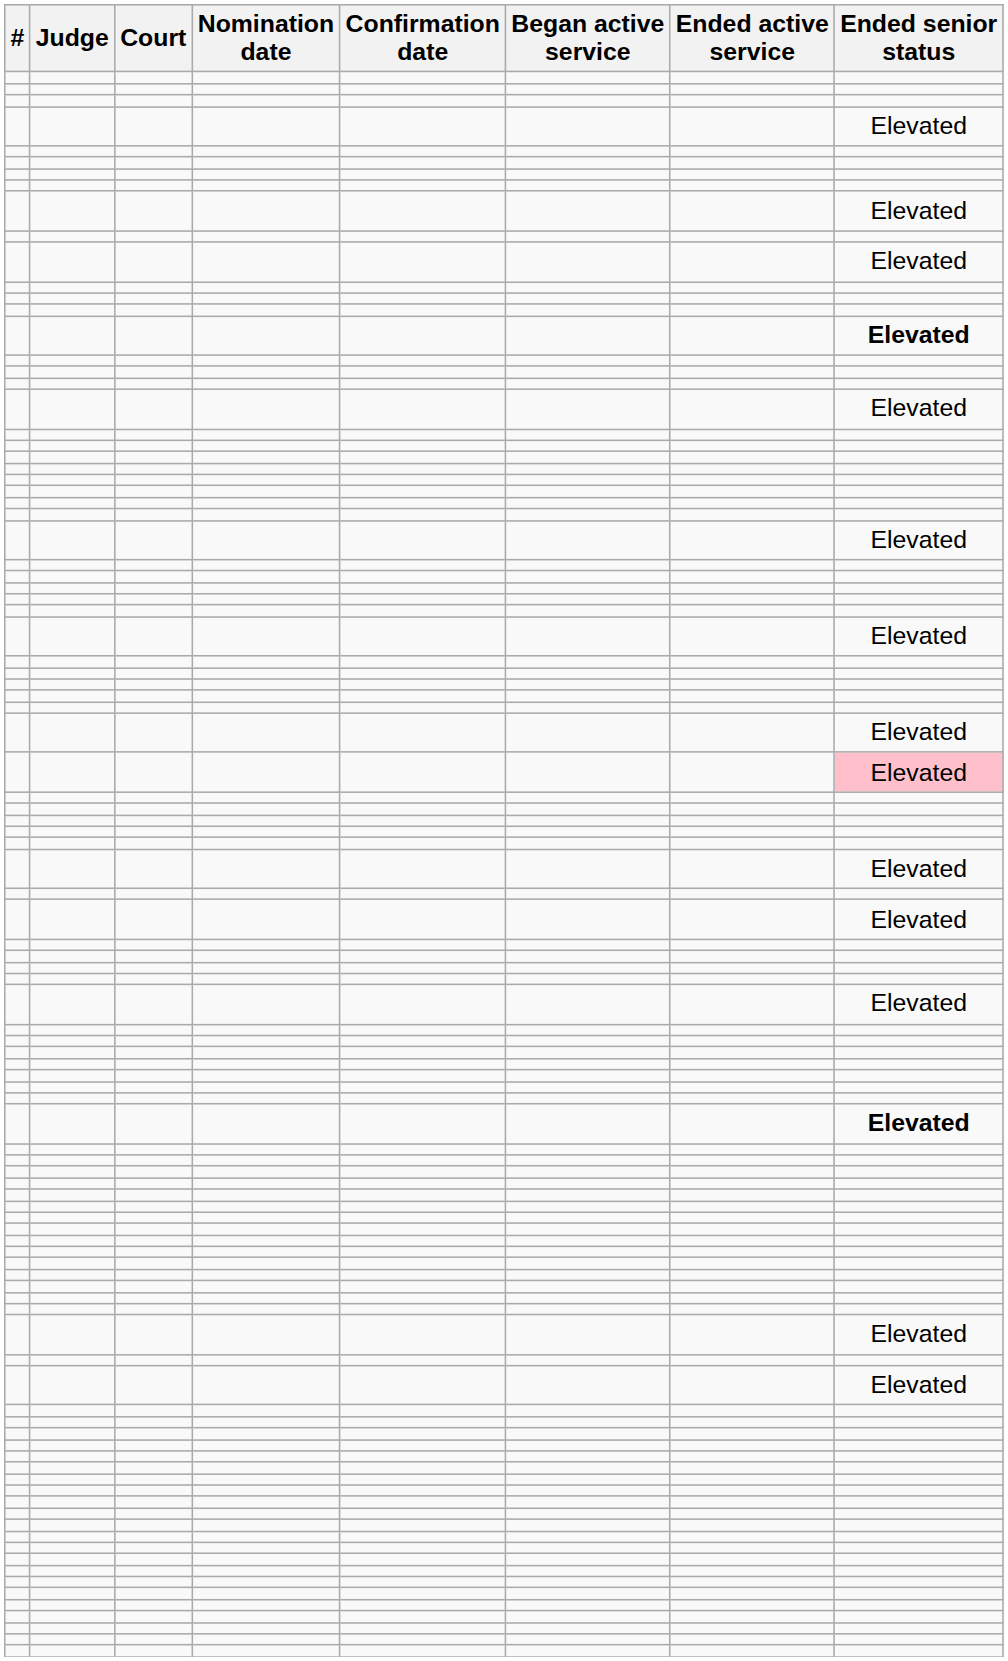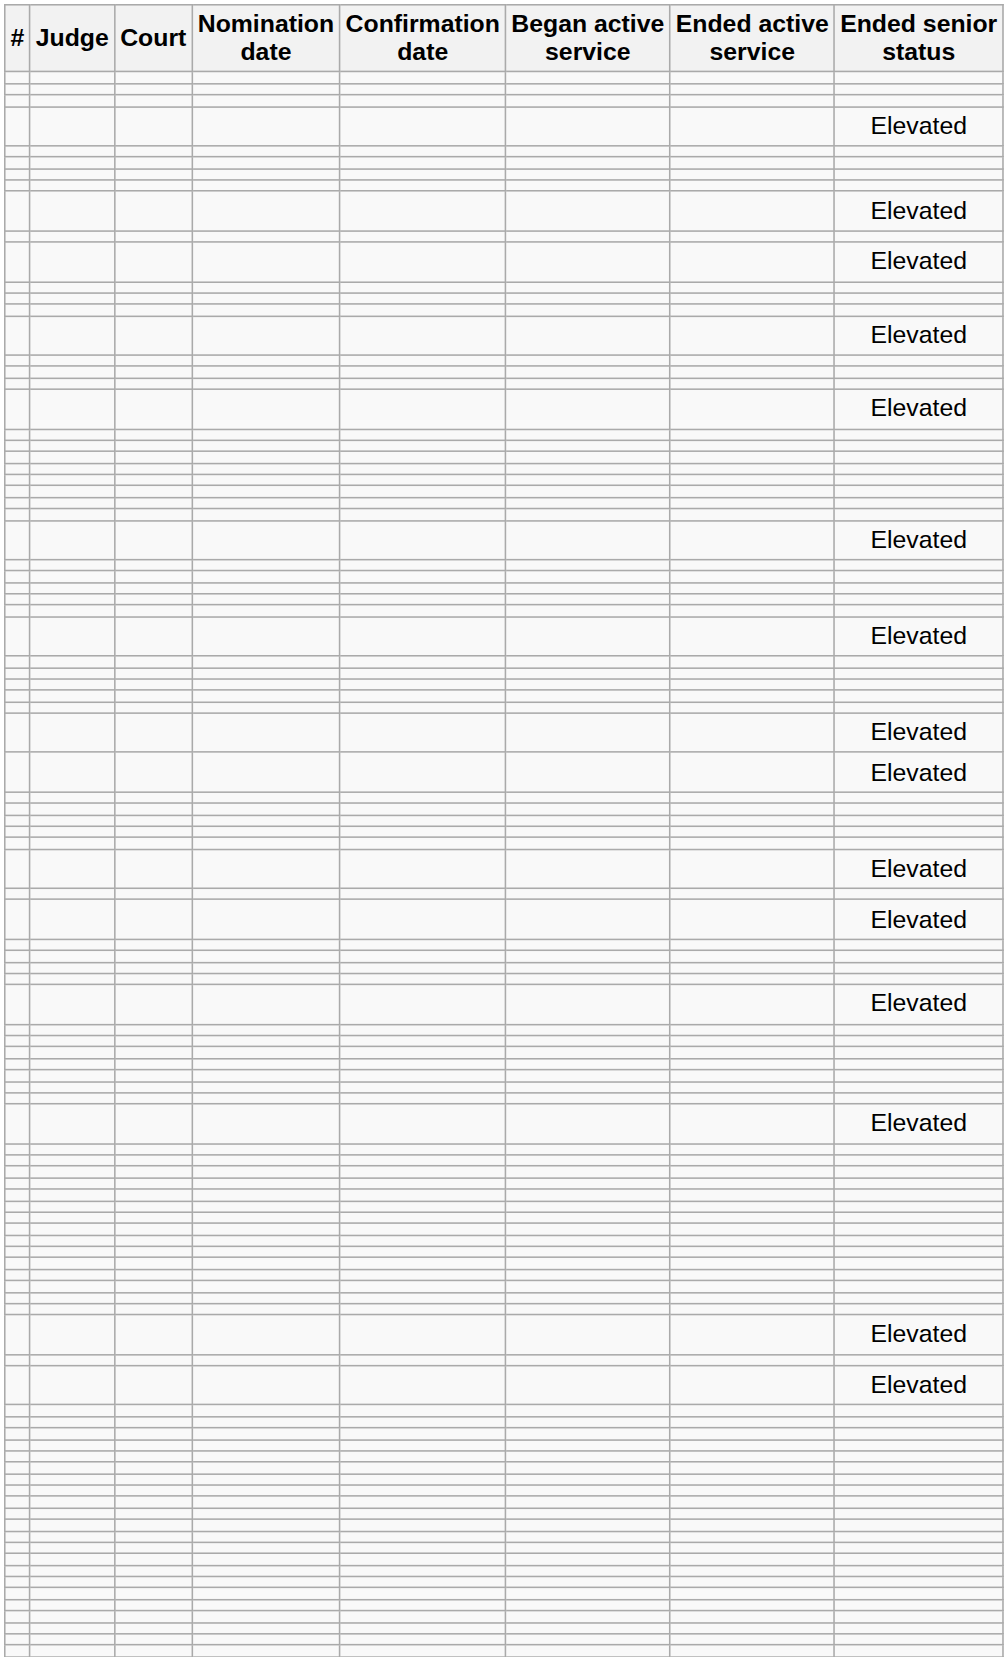 <table class="sortable wikitable">
 <tr bgcolor="#ececec">
 <th>#</th>
 <th>Judge</th>
 <th>Court<br></th>
 <th>Nomination<br>date</th>
 <th>Confirmation<br>date</th>
 <th>Began active<br>service</th>
 <th>Ended active<br>service</th>
 <th>Ended senior<br>status</th>
 </tr>
 <tr>
 <td></td>
 <td></td>
 <td></td>
 <td></td>
 <td></td>
 <td></td>
 <td></td>
 <td></td>
 </tr>
 <tr>
 <td></td>
 <td></td>
 <td></td>
 <td></td>
 <td></td>
 <td></td>
 <td></td>
 <td></td>
 </tr>
 <tr>
 <td></td>
 <td></td>
 <td></td>
 <td></td>
 <td></td>
 <td></td>
 <td></td>
 <td align="center"></td>
 </tr>
 <tr>
 <td></td>
 <td></td>
 <td></td>
 <td></td>
 <td></td>
 <td></td>
 <td></td>
 <td align="center">Elevated</td>
 </tr>
 <tr>
 <td></td>
 <td></td>
 <td></td>
 <td></td>
 <td></td>
 <td></td>
 <td></td>
 <td align="center"></td>
 </tr>
 <tr>
 <td></td>
 <td></td>
 <td></td>
 <td></td>
 <td></td>
 <td></td>
 <td></td>
 <td></td>
 </tr>
 <tr>
 <td></td>
 <td></td>
 <td></td>
 <td></td>
 <td></td>
 <td></td>
 <td></td>
 <td align="center"></td>
 </tr>
 <tr>
 <td></td>
 <td></td>
 <td></td>
 <td></td>
 <td></td>
 <td></td>
 <td></td>
 <td></td>
 </tr>
 <tr>
 <td></td>
 <td></td>
 <td></td>
 <td></td>
 <td></td>
 <td></td>
 <td></td>
 <td align="center">Elevated</td>
 </tr>
 <tr>
 <td></td>
 <td></td>
 <td></td>
 <td></td>
 <td></td>
 <td></td>
 <td></td>
 <td></td>
 </tr>
 <tr>
 <td></td>
 <td></td>
 <td></td>
 <td></td>
 <td></td>
 <td></td>
 <td></td>
 <td align="center">Elevated</td>
 </tr>
 <tr>
 <td></td>
 <td></td>
 <td></td>
 <td></td>
 <td></td>
 <td></td>
 <td></td>
 <td></td>
 </tr>
 <tr>
 <td></td>
 <td></td>
 <td></td>
 <td></td>
 <td></td>
 <td></td>
 <td></td>
 <td></td>
 </tr>
 <tr>
 <td></td>
 <td></td>
 <td></td>
 <td></td>
 <td></td>
 <td></td>
 <td></td>
 <td></td>
 </tr>
 <tr>
 <td></td>
 <td></td>
 <td></td>
 <td></td>
 <td></td>
 <td></td>
 <td></td>
-<td align="center"><strong>Elevated</strong></td>
+<td align="center">Elevated</td>
 </tr>
 <tr>
 <td></td>
 <td></td>
 <td></td>
 <td></td>
 <td></td>
 <td></td>
 <td></td>
 <td align="center"></td>
 </tr>
 <tr>
 <td></td>
 <td></td>
 <td></td>
 <td></td>
 <td></td>
 <td></td>
 <td></td>
 <td></td>
 </tr>
 <tr>
 <td></td>
 <td></td>
 <td></td>
 <td></td>
 <td></td>
 <td></td>
 <td></td>
 <td></td>
 </tr>
 <tr>
 <td></td>
 <td></td>
 <td></td>
 <td></td>
 <td></td>
 <td></td>
 <td></td>
 <td align="center">Elevated</td>
 </tr>
 <tr>
 <td></td>
 <td></td>
 <td></td>
 <td></td>
 <td></td>
 <td></td>
 <td></td>
 <td></td>
 </tr>
 <tr>
 <td></td>
 <td></td>
 <td></td>
 <td></td>
 <td></td>
 <td></td>
 <td></td>
 <td align="center"></td>
 </tr>
 <tr>
 <td></td>
 <td></td>
 <td></td>
 <td></td>
 <td></td>
 <td></td>
 <td></td>
 <td></td>
 </tr>
 <tr>
 <td></td>
 <td></td>
 <td></td>
 <td></td>
 <td></td>
 <td></td>
 <td></td>
 <td align="center"></td>
 </tr>
 <tr>
 <td></td>
 <td></td>
 <td></td>
 <td></td>
 <td></td>
 <td></td>
 <td></td>
 <td></td>
 </tr>
 <tr>
 <td></td>
 <td></td>
 <td></td>
 <td></td>
 <td></td>
 <td></td>
 <td></td>
 <td></td>
 </tr>
 <tr>
 <td></td>
 <td></td>
 <td></td>
 <td></td>
 <td></td>
 <td></td>
 <td></td>
 <td></td>
 </tr>
 <tr>
 <td></td>
 <td></td>
 <td></td>
 <td></td>
 <td></td>
 <td></td>
 <td></td>
 <td></td>
 </tr>
 <tr>
 <td></td>
 <td></td>
 <td></td>
 <td></td>
 <td></td>
 <td></td>
 <td></td>
 <td align="center">Elevated</td>
 </tr>
 <tr>
 <td></td>
 <td></td>
 <td></td>
 <td></td>
 <td></td>
 <td></td>
 <td></td>
 <td></td>
 </tr>
 <tr>
 <td></td>
 <td></td>
 <td></td>
 <td></td>
 <td></td>
 <td></td>
 <td></td>
 <td></td>
 </tr>
 <tr>
 <td></td>
 <td></td>
 <td></td>
 <td></td>
 <td></td>
 <td></td>
 <td></td>
 <td></td>
 </tr>
 <tr>
 <td></td>
 <td></td>
 <td></td>
 <td></td>
 <td></td>
 <td></td>
 <td></td>
 <td></td>
 </tr>
 <tr>
 <td></td>
 <td></td>
 <td></td>
 <td></td>
 <td></td>
 <td></td>
 <td></td>
 <td></td>
 </tr>
 <tr>
 <td></td>
 <td></td>
 <td></td>
 <td></td>
 <td></td>
 <td></td>
 <td></td>
 <td align="center">Elevated</td>
 </tr>
 <tr>
 <td></td>
 <td></td>
 <td></td>
 <td></td>
 <td></td>
 <td></td>
 <td></td>
 <td></td>
 </tr>
 <tr>
 <td></td>
 <td></td>
 <td></td>
 <td></td>
 <td></td>
 <td></td>
 <td></td>
 <td></td>
 </tr>
 <tr>
 <td></td>
 <td></td>
 <td></td>
 <td></td>
 <td></td>
 <td></td>
 <td></td>
 <td></td>
 </tr>
 <tr>
 <td></td>
 <td></td>
 <td></td>
 <td></td>
 <td></td>
 <td></td>
 <td></td>
 <td></td>
 </tr>
 <tr>
 <td></td>
 <td></td>
 <td></td>
 <td></td>
 <td></td>
 <td></td>
 <td></td>
 <td></td>
 </tr>
 <tr>
 <td></td>
 <td></td>
 <td></td>
 <td></td>
 <td></td>
 <td></td>
 <td></td>
 <td align="center">Elevated</td>
 </tr>
 <tr>
 <td></td>
 <td></td>
 <td></td>
 <td></td>
 <td></td>
 <td></td>
 <td></td>
-<td align="center" style="background: pink;">Elevated</td>
+<td align="center">Elevated</td>
 </tr>
 <tr>
 <td></td>
 <td></td>
 <td></td>
 <td></td>
 <td></td>
 <td></td>
 <td></td>
 <td align="center"></td>
 </tr>
 <tr>
 <td></td>
 <td></td>
 <td></td>
 <td></td>
 <td></td>
 <td></td>
 <td></td>
 <td></td>
 </tr>
 <tr>
 <td></td>
 <td></td>
 <td></td>
 <td></td>
 <td></td>
 <td></td>
 <td></td>
 <td></td>
 </tr>
 <tr>
 <td></td>
 <td></td>
 <td></td>
 <td></td>
 <td></td>
 <td></td>
 <td></td>
 <td></td>
 </tr>
 <tr>
 <td></td>
 <td></td>
 <td></td>
 <td></td>
 <td></td>
 <td></td>
 <td></td>
 <td></td>
 </tr>
 <tr>
 <td></td>
 <td></td>
 <td></td>
 <td></td>
 <td></td>
 <td></td>
 <td></td>
 <td align="center">Elevated</td>
 </tr>
 <tr>
 <td></td>
 <td></td>
 <td></td>
 <td></td>
 <td></td>
 <td></td>
 <td></td>
 <td></td>
 </tr>
 <tr>
 <td></td>
 <td></td>
 <td></td>
 <td></td>
 <td></td>
 <td></td>
 <td></td>
 <td align="center">Elevated</td>
 </tr>
 <tr>
 <td></td>
 <td></td>
 <td></td>
 <td></td>
 <td></td>
 <td></td>
 <td></td>
 <td></td>
 </tr>
 <tr>
 <td></td>
 <td></td>
 <td></td>
 <td></td>
 <td></td>
 <td></td>
 <td></td>
 <td></td>
 </tr>
 <tr>
 <td></td>
 <td></td>
 <td></td>
 <td></td>
 <td></td>
 <td></td>
 <td></td>
 <td></td>
 </tr>
 <tr>
 <td></td>
 <td></td>
 <td></td>
 <td></td>
 <td></td>
 <td></td>
 <td></td>
 <td></td>
 </tr>
 <tr>
 <td></td>
 <td></td>
 <td></td>
 <td></td>
 <td></td>
 <td></td>
 <td></td>
 <td align="center">Elevated</td>
 </tr>
 <tr>
 <td></td>
 <td></td>
 <td></td>
 <td></td>
 <td></td>
 <td></td>
 <td></td>
 <td></td>
 </tr>
 <tr>
 <td></td>
 <td></td>
 <td></td>
 <td></td>
 <td></td>
 <td></td>
 <td></td>
 <td></td>
 </tr>
 <tr>
 <td></td>
 <td></td>
 <td></td>
 <td></td>
 <td></td>
 <td></td>
 <td></td>
 <td align="center"></td>
 </tr>
 <tr>
 <td></td>
 <td></td>
 <td></td>
 <td></td>
 <td></td>
 <td></td>
 <td></td>
 <td></td>
 </tr>
 <tr>
 <td></td>
 <td></td>
 <td></td>
 <td></td>
 <td></td>
 <td></td>
 <td></td>
 <td></td>
 </tr>
 <tr>
 <td></td>
 <td></td>
 <td></td>
 <td></td>
 <td></td>
 <td></td>
 <td></td>
 <td></td>
 </tr>
 <tr>
 <td></td>
 <td></td>
 <td></td>
 <td></td>
 <td></td>
 <td></td>
 <td></td>
 <td align="center"></td>
 </tr>
 <tr>
 <td></td>
 <td></td>
 <td></td>
 <td></td>
 <td></td>
 <td></td>
 <td></td>
-<td align="center"><strong>Elevated</strong></td>
+<td align="center">Elevated</td>
 </tr>
 <tr>
 <td></td>
 <td></td>
 <td></td>
 <td></td>
 <td></td>
 <td></td>
 <td></td>
 <td></td>
 </tr>
 <tr>
 <td></td>
 <td></td>
 <td></td>
 <td></td>
 <td></td>
 <td></td>
 <td></td>
 <td></td>
 </tr>
 <tr>
 <td></td>
 <td></td>
 <td></td>
 <td></td>
 <td></td>
 <td></td>
 <td></td>
 <td></td>
 </tr>
 <tr>
 <td></td>
 <td></td>
 <td></td>
 <td></td>
 <td></td>
 <td></td>
 <td></td>
 <td align="center"></td>
 </tr>
 <tr>
 <td></td>
 <td></td>
 <td></td>
 <td></td>
 <td></td>
 <td></td>
 <td></td>
 <td></td>
 </tr>
 <tr>
 <td></td>
 <td></td>
 <td></td>
 <td></td>
 <td></td>
 <td></td>
 <td></td>
 <td></td>
 </tr>
 <tr>
 <td></td>
 <td></td>
 <td></td>
 <td></td>
 <td></td>
 <td></td>
 <td></td>
 <td></td>
 </tr>
 <tr>
 <td></td>
 <td></td>
 <td></td>
 <td></td>
 <td></td>
 <td></td>
 <td></td>
 <td></td>
 </tr>
 <tr>
 <td></td>
 <td></td>
 <td></td>
 <td></td>
 <td></td>
 <td></td>
 <td></td>
 <td></td>
 </tr>
 <tr>
 <td></td>
 <td></td>
 <td></td>
 <td></td>
 <td></td>
 <td></td>
 <td></td>
 <td></td>
 </tr>
 <tr>
 <td></td>
 <td></td>
 <td></td>
 <td></td>
 <td></td>
 <td></td>
 <td></td>
 <td align="center"></td>
 </tr>
 <tr>
 <td></td>
 <td></td>
 <td></td>
 <td></td>
 <td></td>
 <td></td>
 <td></td>
 <td></td>
 </tr>
 <tr>
 <td></td>
 <td></td>
 <td></td>
 <td></td>
 <td></td>
 <td></td>
 <td></td>
 <td></td>
 </tr>
 <tr>
 <td></td>
 <td></td>
 <td></td>
 <td></td>
 <td></td>
 <td></td>
 <td></td>
 <td align="center"></td>
 </tr>
 <tr>
 <td></td>
 <td></td>
 <td></td>
 <td></td>
 <td></td>
 <td></td>
 <td></td>
 <td></td>
 </tr>
 <tr>
 <td></td>
 <td></td>
 <td></td>
 <td></td>
 <td></td>
 <td></td>
 <td></td>
 <td align="center">Elevated</td>
 </tr>
 <tr>
 <td></td>
 <td></td>
 <td></td>
 <td></td>
 <td></td>
 <td></td>
 <td></td>
 <td align="center"></td>
 </tr>
 <tr>
 <td></td>
 <td></td>
 <td></td>
 <td></td>
 <td></td>
 <td></td>
 <td></td>
 <td align="center">Elevated</td>
 </tr>
 <tr>
 <td></td>
 <td></td>
 <td></td>
 <td></td>
 <td></td>
 <td></td>
 <td></td>
 <td></td>
 </tr>
 <tr>
 <td></td>
 <td></td>
 <td></td>
 <td></td>
 <td></td>
 <td></td>
 <td></td>
 <td></td>
 </tr>
 <tr>
 <td></td>
 <td></td>
 <td></td>
 <td></td>
 <td></td>
 <td></td>
 <td></td>
 <td></td>
 </tr>
 <tr>
 <td></td>
 <td></td>
 <td></td>
 <td></td>
 <td></td>
 <td></td>
 <td></td>
 <td></td>
 </tr>
 <tr>
 <td></td>
 <td></td>
 <td></td>
 <td></td>
 <td></td>
 <td></td>
 <td></td>
 <td align="center"></td>
 </tr>
 <tr>
 <td></td>
 <td></td>
 <td></td>
 <td></td>
 <td></td>
 <td></td>
 <td></td>
 <td></td>
 </tr>
 <tr>
 <td></td>
 <td></td>
 <td></td>
 <td></td>
 <td></td>
 <td></td>
 <td></td>
 <td align="center"></td>
 </tr>
 <tr>
 <td></td>
 <td></td>
 <td></td>
 <td></td>
 <td></td>
 <td></td>
 <td></td>
 <td></td>
 </tr>
 <tr>
 <td></td>
 <td></td>
 <td></td>
 <td></td>
 <td></td>
 <td></td>
 <td></td>
 <td></td>
 </tr>
 <tr>
 <td></td>
 <td></td>
 <td></td>
 <td></td>
 <td></td>
 <td></td>
 <td></td>
 <td align="center"></td>
 </tr>
 <tr>
 <td></td>
 <td></td>
 <td></td>
 <td></td>
 <td></td>
 <td></td>
 <td></td>
 <td></td>
 </tr>
 <tr>
 <td></td>
 <td></td>
 <td></td>
 <td></td>
 <td></td>
 <td></td>
 <td></td>
 <td></td>
 </tr>
 <tr>
 <td></td>
 <td></td>
 <td></td>
 <td></td>
 <td></td>
 <td></td>
 <td></td>
 <td></td>
 </tr>
 <tr>
 <td></td>
 <td></td>
 <td></td>
 <td></td>
 <td></td>
 <td></td>
 <td></td>
 <td></td>
 </tr>
 <tr>
 <td></td>
 <td></td>
 <td></td>
 <td></td>
 <td></td>
 <td></td>
 <td></td>
 <td></td>
 </tr>
 <tr>
 <td></td>
 <td></td>
 <td></td>
 <td></td>
 <td></td>
 <td></td>
 <td></td>
 <td></td>
 </tr>
 <tr>
 <td></td>
 <td></td>
 <td></td>
 <td></td>
 <td></td>
 <td></td>
 <td></td>
 <td></td>
 </tr>
 <tr>
 <td></td>
 <td></td>
 <td></td>
 <td></td>
 <td></td>
 <td></td>
 <td></td>
 <td></td>
 </tr>
 <tr>
 <td></td>
 <td></td>
 <td></td>
 <td></td>
 <td></td>
 <td></td>
 <td></td>
 <td></td>
 </tr>
 <tr>
 <td></td>
 <td></td>
 <td></td>
 <td></td>
 <td></td>
 <td></td>
 <td></td>
 <td></td>
 </tr>
 <tr>
 <td></td>
 <td></td>
 <td></td>
 <td></td>
 <td></td>
 <td></td>
 <td></td>
 <td></td>
 </tr>
 <tr>
 <td></td>
 <td></td>
 <td></td>
 <td></td>
 <td></td>
 <td></td>
 <td></td>
 <td></td>
 </tr>
 </table>
